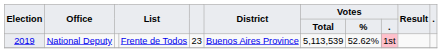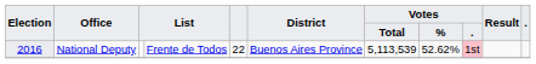 <table class="wikitable" style="font-size:90%; text-align:center;">
 <tr>
 <th style="background-color:#EAECF0;" rowspan=2>Election</th>
 <th style="background-color:#EAECF0;" rowspan=2>Office</th>
 <th style="background-color:#EAECF0;" colspan=2 rowspan=2>List</th>
 <th style="background-color:#EAECF0;" rowspan=2></th>
 <th style="background-color:#EAECF0;" rowspan=2>District</th>
 <th style="background-color:#EAECF0;" colspan=3>Votes</th>
 <th style="background-color:#EAECF0;" rowspan=2>Result</th>
 <th style="background-color:#EAECF0;" rowspan=2>.</th>
 </tr>
 <tr>
 <th style="background-color:#EAECF0;">Total</th>
 <th style="background-color:#EAECF0;">%</th>
 <th style="background-color:#EAECF0;">.</th>
 </tr>
 <tr>
-<td style="background-color:#EAECF0;"><a href='#'>2019</a></td>
+<td style="background-color:#EAECF0;"><a href='#'>2016</a></td>
 <td><a href='#'>National Deputy</a></td>
 <td style="background-color:"></td>
 <td><a href='#'>Frente de Todos</a></td>
-<td>23</td>
+<td>22</td>
 <td><a href='#'>Buenos Aires Province</a></td>
 <td>5,113,539</td>
 <td>52.62%</td>
 <td style="background: pink;">1st</td>
 <td></td>
 <td></td>
 </tr>
 <tr>
 </tr>
 </table>
